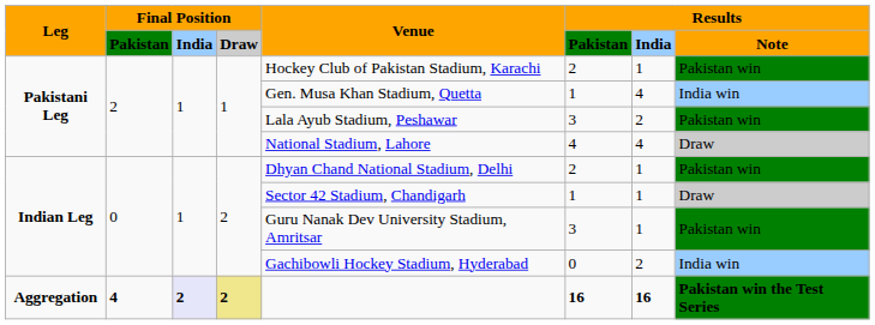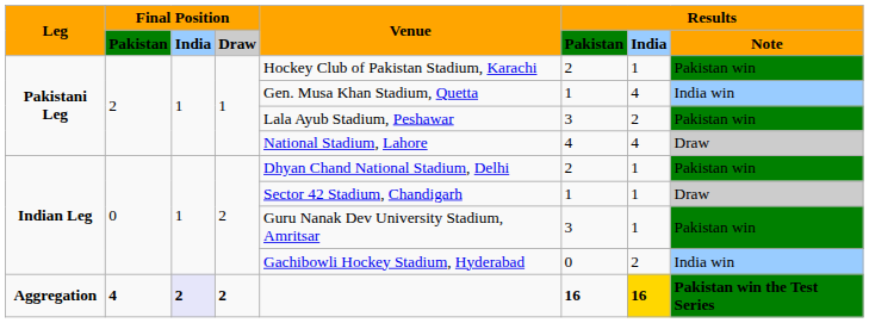 <table class="wikitable">
 <tr>
 <th style="background:orange;" rowspan=2>Leg</th>
 <th style="background:orange;" colspan=3>Final Position</th>
 <th style="background:orange;" rowspan=2>Venue</th>
 <th style="background:orange;" colspan=3>Results</th>
 </tr>
 <tr>
 <th style="background:green;"> Pakistan</th>
 <th style="background:#9cf;"> India</th>
 <th style="background:#ccc;">Draw</th>
 <th style="background:green;"> Pakistan</th>
 <th style="background:#9cf;"> India</th>
 <th style="background:orange;">Note</th>
 </tr>
 <tr>
 <td style=text-align:center; rowspan=4><strong>Pakistani Leg</strong></td>
 <td rowspan=4>2</td>
 <td rowspan=4>1</td>
 <td rowspan=4>1</td>
 <td> Hockey Club of Pakistan Stadium, <a href='#'>Karachi</a></td>
 <td>2</td>
 <td>1</td>
 <td style="background:green;"> Pakistan win</td>
 </tr>
 <tr>
 <td> Gen. Musa Khan Stadium, <a href='#'>Quetta</a></td>
 <td>1</td>
 <td>4</td>
 <td style="background:#9cf;"> India win</td>
 </tr>
 <tr>
 <td> Lala Ayub Stadium, <a href='#'>Peshawar</a></td>
 <td>3</td>
 <td>2</td>
 <td style="background:green;"> Pakistan win</td>
 </tr>
 <tr>
 <td> <a href='#'>National Stadium</a>, <a href='#'>Lahore</a></td>
 <td>4</td>
 <td>4</td>
 <td style="background:#ccc;">Draw</td>
 </tr>
 <tr>
 <td style=text-align:center; rowspan=4><strong>Indian Leg</strong></td>
 <td rowspan=4>0</td>
 <td rowspan=4>1</td>
 <td rowspan=4>2</td>
 <td> <a href='#'>Dhyan Chand National Stadium</a>, <a href='#'>Delhi</a></td>
 <td>2</td>
 <td>1</td>
 <td style="background:green;"> Pakistan win</td>
 </tr>
 <tr>
 <td> <a href='#'>Sector 42 Stadium</a>, <a href='#'>Chandigarh</a></td>
 <td>1</td>
 <td>1</td>
 <td style="background:#ccc;">Draw</td>
 </tr>
 <tr>
 <td> Guru Nanak Dev University Stadium, <a href='#'>Amritsar</a></td>
 <td>3</td>
 <td>1</td>
 <td style="background:green;"> Pakistan win</td>
 </tr>
 <tr>
 <td> <a href='#'>Gachibowli Hockey Stadium</a>, <a href='#'>Hyderabad</a></td>
 <td>0</td>
 <td>2</td>
 <td style="background:#9cf;"> India win</td>
 </tr>
 <tr>
 <td style=text-align:center;><strong>Aggregation</strong></td>
 <td><strong>4</strong></td>
 <td style="background: lavender;"><strong>2</strong></td>
-<td style="background: khaki;"><strong>2</strong></td>
+<td><strong>2</strong></td>
 <td></td>
 <td><strong>16</strong></td>
-<td><strong>16</strong></td>
+<td style="background: gold;"><strong>16</strong></td>
 <td style="background:green;"> <strong>Pakistan win the Test Series</strong></td>
 </tr>
 </table>
